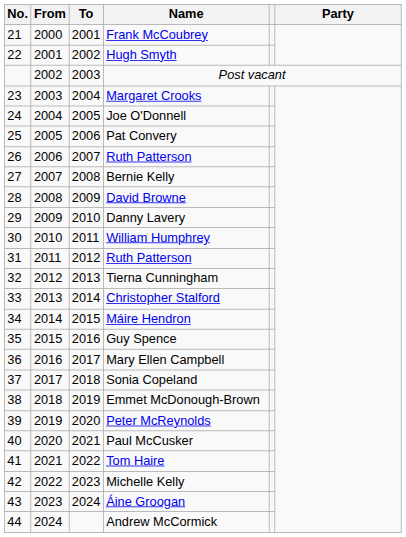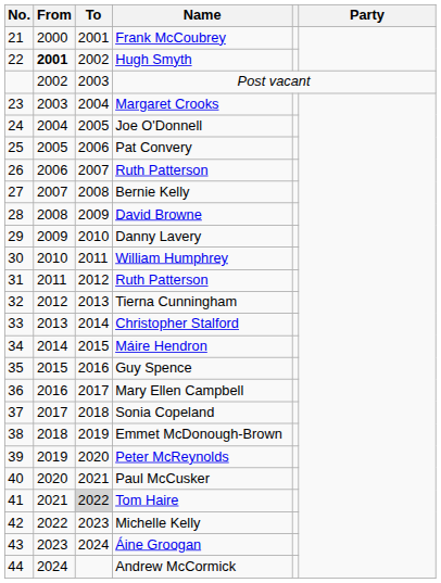 <table class="wikitable sortable">
 <tr>
 <th>No.</th>
 <th>From</th>
 <th>To</th>
 <th scope="col" width="200">Name</th>
 <th class="unsortable"></th>
 <th scope="col" width="150">Party</th>
 </tr>
 <tr>
 <td>21</td>
 <td>2000</td>
 <td>2001</td>
 <td><a href='#'>Frank McCoubrey</a></td>
 <td></td>
 </tr>
 <tr>
 <td>22</td>
-<td>2001</td>
+<td><strong>2001</strong></td>
 <td>2002</td>
 <td><a href='#'>Hugh Smyth</a></td>
 <td></td>
 </tr>
 <tr>
 <td></td>
 <td>2002</td>
 <td>2003</td>
 <td colspan="3" style="text-align:center;"><em>Post vacant</em></td>
 </tr>
 <tr>
 <td>23</td>
 <td>2003</td>
 <td>2004</td>
 <td><a href='#'>Margaret Crooks</a></td>
 <td></td>
 </tr>
 <tr>
 <td>24</td>
 <td>2004</td>
 <td>2005</td>
 <td>Joe O'Donnell</td>
 <td></td>
 </tr>
 <tr>
 <td>25</td>
 <td>2005</td>
 <td>2006</td>
 <td>Pat Convery</td>
 <td></td>
 </tr>
 <tr>
 <td>26</td>
 <td>2006</td>
 <td>2007</td>
 <td><a href='#'>Ruth Patterson</a></td>
 <td></td>
 </tr>
 <tr>
 <td>27</td>
 <td>2007</td>
 <td>2008</td>
 <td>Bernie Kelly</td>
 <td></td>
 </tr>
 <tr>
 <td>28</td>
 <td>2008</td>
 <td>2009</td>
 <td><a href='#'>David Browne</a></td>
 <td></td>
 </tr>
 <tr>
 <td>29</td>
 <td>2009</td>
 <td>2010</td>
 <td>Danny Lavery</td>
 <td></td>
 </tr>
 <tr>
 <td>30</td>
 <td>2010</td>
 <td>2011</td>
 <td><a href='#'>William Humphrey</a></td>
 <td></td>
 </tr>
 <tr>
 <td>31</td>
 <td>2011</td>
 <td>2012</td>
 <td><a href='#'>Ruth Patterson</a></td>
 <td></td>
 </tr>
 <tr>
 <td>32</td>
 <td>2012</td>
 <td>2013</td>
 <td>Tierna Cunningham</td>
 <td></td>
 </tr>
 <tr>
 <td>33</td>
 <td>2013</td>
 <td>2014</td>
 <td><a href='#'>Christopher Stalford</a></td>
 <td></td>
 </tr>
 <tr>
 <td>34</td>
 <td>2014</td>
 <td>2015</td>
 <td><a href='#'>Máire Hendron</a></td>
 <td></td>
 </tr>
 <tr>
 <td>35</td>
 <td>2015</td>
 <td>2016</td>
 <td>Guy Spence</td>
 <td></td>
 </tr>
 <tr>
 <td>36</td>
 <td>2016</td>
 <td>2017</td>
 <td>Mary Ellen Campbell</td>
 <td></td>
 </tr>
 <tr>
 <td>37</td>
 <td>2017</td>
 <td>2018</td>
 <td>Sonia Copeland</td>
 <td></td>
 </tr>
 <tr>
 <td>38</td>
 <td>2018</td>
 <td>2019</td>
 <td>Emmet McDonough-Brown</td>
 <td></td>
 </tr>
 <tr>
 <td>39</td>
 <td>2019</td>
 <td>2020</td>
 <td><a href='#'>Peter McReynolds</a></td>
 <td></td>
 </tr>
 <tr>
 <td>40</td>
 <td>2020</td>
 <td>2021</td>
 <td>Paul McCusker</td>
 <td></td>
 </tr>
 <tr>
 <td>41</td>
 <td>2021</td>
-<td>2022</td>
+<td style="background: lightgrey;">2022</td>
 <td><a href='#'>Tom Haire</a></td>
 <td></td>
 </tr>
 <tr>
 <td>42</td>
 <td>2022</td>
 <td>2023</td>
 <td>Michelle Kelly</td>
 <td></td>
 </tr>
 <tr>
 <td>43</td>
 <td>2023</td>
 <td>2024</td>
 <td><a href='#'>Áine Groogan</a></td>
 <td></td>
 </tr>
 <tr>
 <td>44</td>
 <td>2024</td>
 <td></td>
 <td>Andrew McCormick</td>
 <td></td>
 </tr>
 </table>
